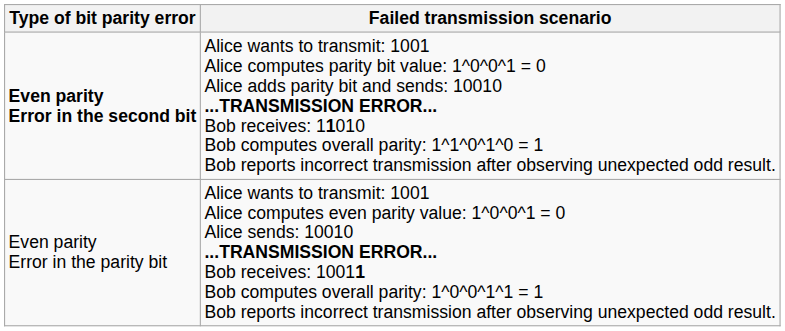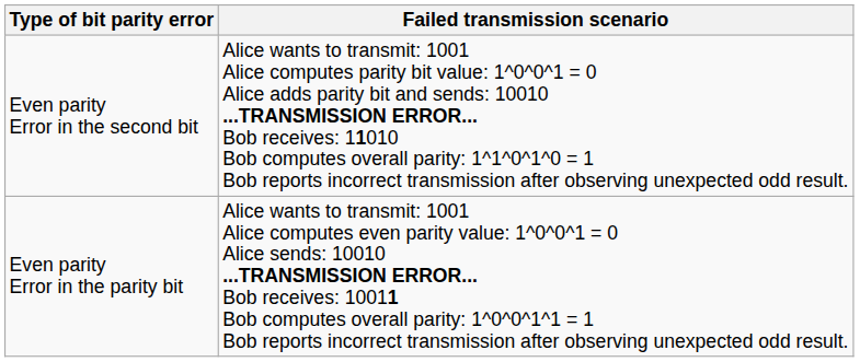 <table class="wikitable">
 <tr>
 <th>Type of bit parity error</th>
 <th>Failed transmission scenario</th>
 </tr>
 <tr>
-<td><strong>Even parity<br>Error in the second bit</strong></td>
+<td>Even parity<br>Error in the second bit</td>
 <td>Alice wants to transmit:          1001<br>Alice computes parity bit value: 1^0^0^1 = 0<br>Alice adds parity bit and sends: 10010<br><strong>...TRANSMISSION ERROR...</strong><br>Bob receives:                   1<strong>1</strong>010<br>Bob computes overall parity:    1^1^0^1^0 = 1<br>Bob reports incorrect transmission after observing unexpected odd result.</td>
 </tr>
 <tr>
 <td>Even parity<br>Error in the parity bit</td>
 <td>Alice wants to transmit:          1001<br>Alice computes even parity value: 1^0^0^1 = 0<br>Alice sends:                      10010<br><strong>...TRANSMISSION ERROR...</strong><br>Bob receives:                   1001<strong>1</strong><br>Bob computes overall parity:    1^0^0^1^1 = 1<br>Bob reports incorrect transmission after observing unexpected odd result.</td>
 </tr>
 </table>
